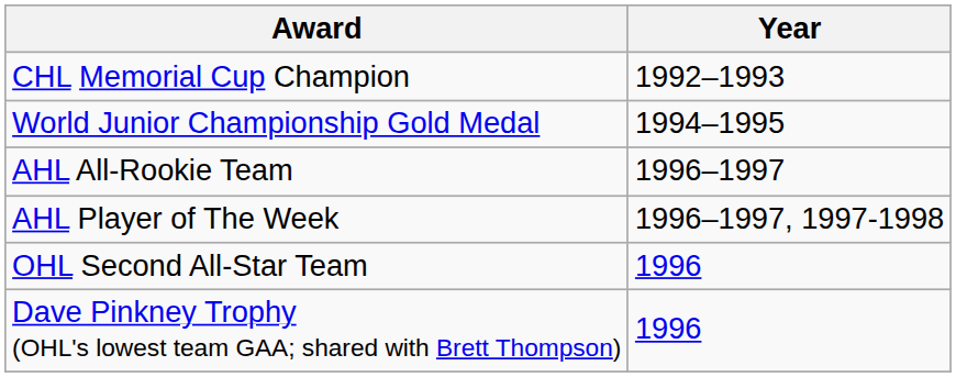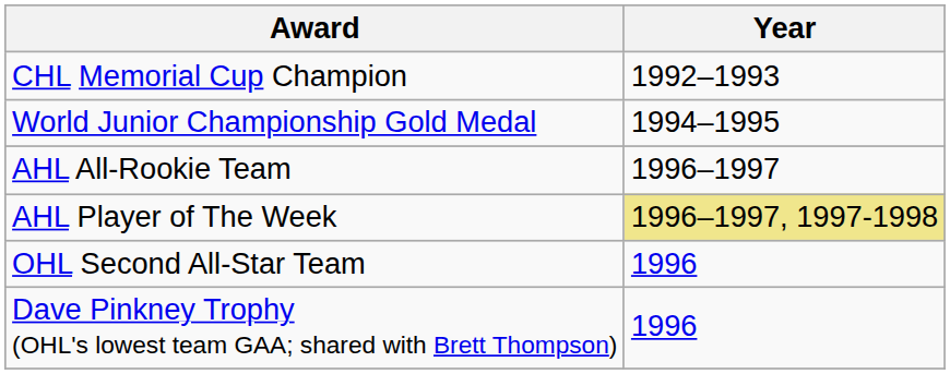 <table class="wikitable" border="1">
 <tr>
 <th>Award</th>
 <th>Year</th>
 </tr>
 <tr>
 <td><a href='#'>CHL</a> <a href='#'>Memorial Cup</a> Champion</td>
 <td>1992–1993</td>
 </tr>
 <tr>
 <td><a href='#'>World Junior Championship Gold Medal</a></td>
 <td>1994–1995</td>
 </tr>
 <tr>
 <td><a href='#'>AHL</a> All-Rookie Team</td>
 <td>1996–1997</td>
 </tr>
 <tr>
 <td><a href='#'>AHL</a> Player of The Week</td>
-<td>1996–1997, 1997-1998</td>
+<td style="background: khaki;">1996–1997, 1997-1998</td>
 </tr>
 <tr>
 <td><a href='#'>OHL</a> Second All-Star Team</td>
 <td><a href='#'>1996</a></td>
 </tr>
 <tr>
 <td><a href='#'>Dave Pinkney Trophy</a> <br><small>(OHL's lowest team GAA; shared with <a href='#'>Brett Thompson</a>)</small></td>
 <td><a href='#'>1996</a></td>
 </tr>
 </table>
